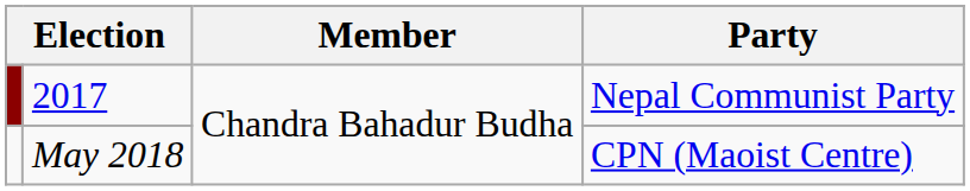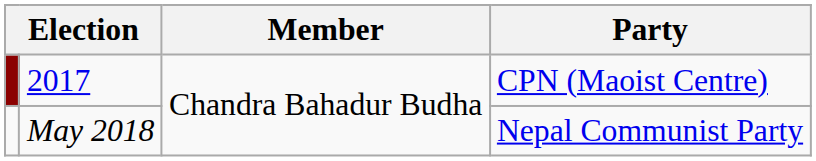 <table class="wikitable">
 <tr>
 <th colspan="2">Election</th>
 <th>Member</th>
 <th>Party</th>
 </tr>
 <tr>
 <td style="background-color:darkred"></td>
 <td><a href='#'>2017</a></td>
 <td rowspan="2">Chandra Bahadur Budha</td>
-<td><a href='#'>Nepal Communist Party</a></td>
+<td><a href='#'>CPN (Maoist Centre)</a></td>
 </tr>
 <tr>
 <td style="background-color:"></td>
 <td><em>May 2018</em></td>
-<td><a href='#'>CPN (Maoist Centre)</a></td>
+<td><a href='#'>Nepal Communist Party</a></td>
 </tr>
 </table>
